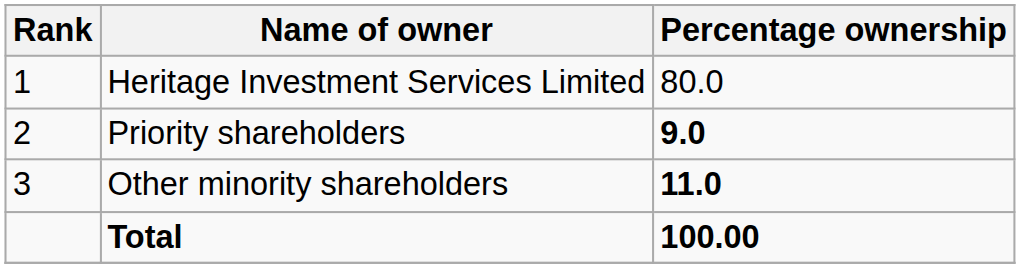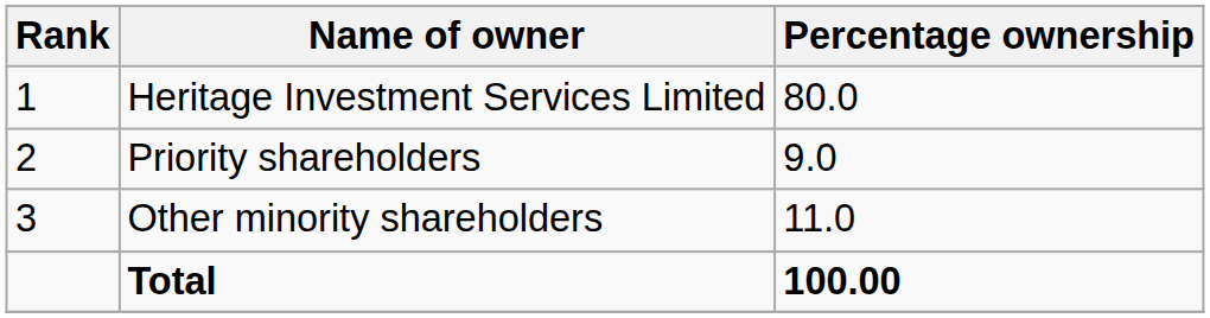 <table class="wikitable sortable" style="margin-left:auto;margin-right:auto">
 <tr>
 <th style="width:2em;">Rank</th>
 <th>Name of owner</th>
 <th>Percentage ownership</th>
 </tr>
 <tr>
 <td>1</td>
 <td>Heritage Investment Services Limited</td>
 <td>80.0</td>
 </tr>
 <tr>
 <td>2</td>
 <td>Priority shareholders</td>
-<td><strong>9.0</strong></td>
+<td>9.0</td>
 </tr>
 <tr>
 <td>3</td>
 <td>Other minority shareholders</td>
-<td><strong>11.0</strong></td>
+<td>11.0</td>
 </tr>
 <tr>
 <td></td>
 <td><strong>Total</strong></td>
 <td><strong>100.00</strong></td>
 </tr>
 <tr>
 </tr>
 </table>
